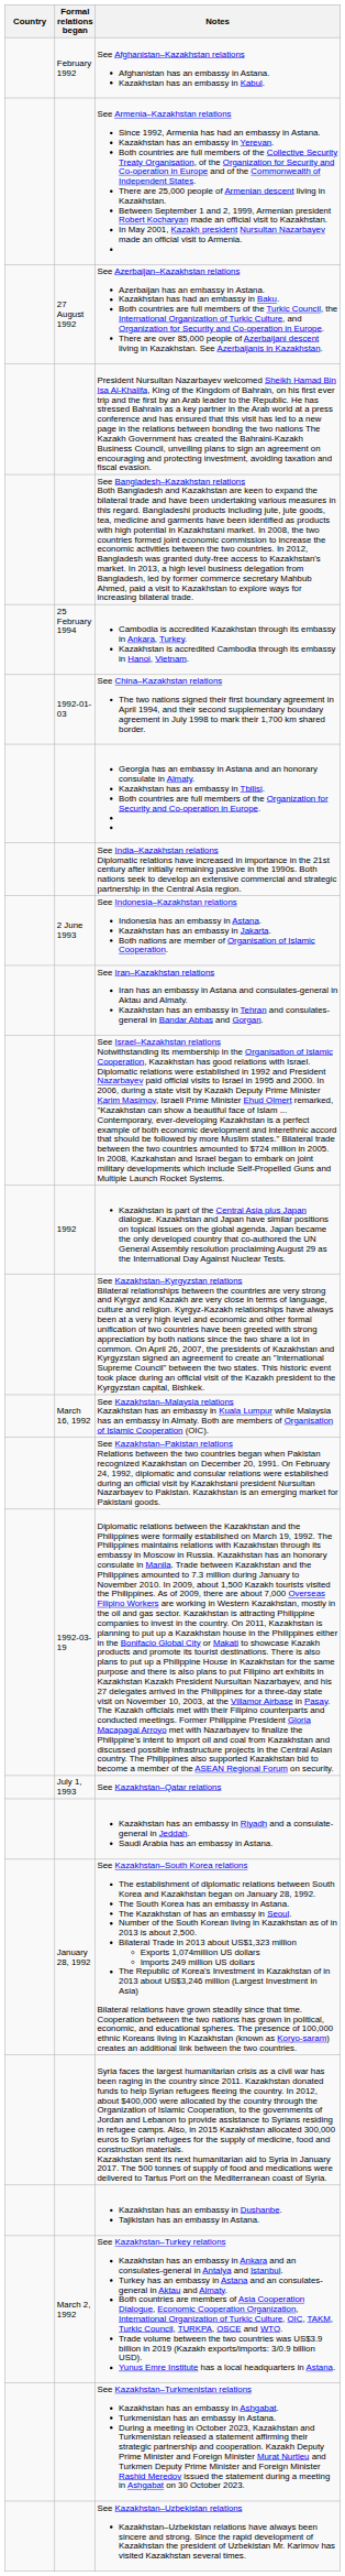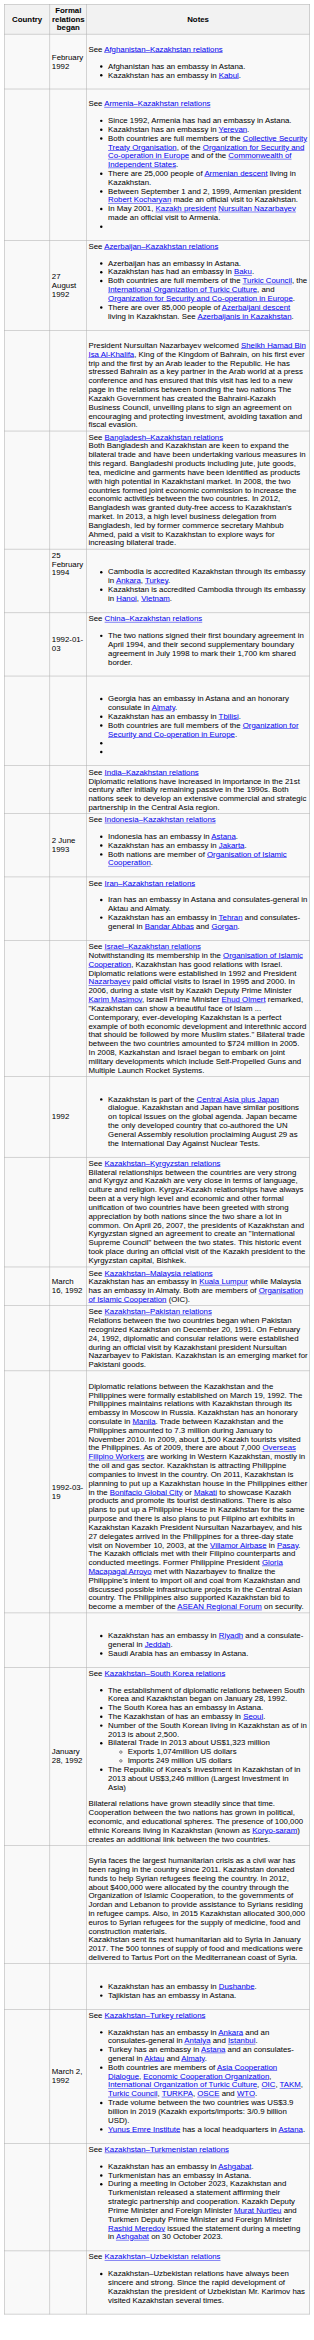 <table class="wikitable sortable" border="1" style="width:100%; margin:auto;">
 <tr>
 <th width="15%">Country</th>
 <th width="12%">Formal relations began</th>
 <th>Notes</th>
 </tr>
 <tr -valign="top">
 <td></td>
 <td>February 1992</td>
 <td><br>See <a href='#'>Afghanistan–Kazakhstan relations</a><ul><li>Afghanistan has an embassy in Astana.</li><li>Kazakhstan has an embassy in <a href='#'>Kabul</a>.</li></ul></td>
 </tr>
 <tr -valign="top">
 <td></td>
 <td></td>
 <td><br>See <a href='#'>Armenia–Kazakhstan relations</a><ul><li>Since 1992, Armenia has had an embassy in Astana.</li><li>Kazakhstan has an embassy in <a href='#'>Yerevan</a>.</li><li>Both countries are full members of the <a href='#'>Collective Security Treaty Organisation</a>, of the <a href='#'>Organization for Security and Co-operation in Europe</a> and of the <a href='#'>Commonwealth of Independent States</a>.</li><li>There are 25,000 people of <a href='#'>Armenian descent</a> living in Kazakhstan.</li><li>Between September 1 and 2, 1999, Armenian president <a href='#'>Robert Kocharyan</a> made an official visit to Kazakhstan.</li><li>In May 2001, <a href='#'>Kazakh president</a> <a href='#'>Nursultan Nazarbayev</a> made an official visit to Armenia.</li><li></li></ul></td>
 </tr>
 <tr -valign="top">
 <td></td>
 <td>27 August 1992</td>
 <td>See <a href='#'>Azerbaijan–Kazakhstan relations</a><br><ul><li>Azerbaijan has an embassy in Astana.</li><li>Kazakhstan has had an embassy in <a href='#'>Baku</a>.</li><li>Both countries are full members of the <a href='#'>Turkic Council</a>, the <a href='#'>International Organization of Turkic Culture</a>, and <a href='#'>Organization for Security and Co-operation in Europe</a>.</li><li>There are over 85,000 people of <a href='#'>Azerbaijani descent</a> living in Kazakhstan. See <a href='#'>Azerbaijanis in Kazakhstan</a>.</li></ul></td>
 </tr>
 <tr -valign="top">
 <td></td>
 <td></td>
 <td><br>President Nursultan Nazarbayev welcomed <a href='#'>Sheikh Hamad Bin Isa Al-Khalifa</a>, King of the Kingdom of Bahrain, on his first ever trip and the first by an Arab leader to the Republic. He has stressed Bahrain as a key partner in the Arab world at a press conference and has ensured that this visit has led to a new page in the relations between bonding the two nations The Kazakh Government has created the Bahraini-Kazakh Business Council, unveiling plans to sign an agreement on encouraging and protecting investment, avoiding taxation and fiscal evasion.</td>
 </tr>
 <tr -valign="top">
 <td></td>
 <td></td>
 <td>See <a href='#'>Bangladesh–Kazakhstan relations</a><br>Both Bangladesh and Kazakhstan are keen to expand the bilateral trade and have been undertaking various measures in this regard. Bangladeshi products including jute, jute goods, tea, medicine and garments have been identified as products with high potential in Kazakhstani market. In 2008, the two countries formed joint economic commission to increase the economic activities between the two countries. In 2012, Bangladesh was granted duty-free access to Kazakhstan's market. In 2013, a high level business delegation from Bangladesh, led by former commerce secretary Mahbub Ahmed, paid a visit to Kazakhstan to explore ways for increasing bilateral trade.</td>
 </tr>
 <tr valign="top">
 <td></td>
 <td>25 February 1994</td>
 <td><br><ul><li>Cambodia is accredited Kazakhstan through its embassy in <a href='#'>Ankara</a>, <a href='#'>Turkey</a>.</li><li>Kazakhstan is accredited Cambodia through its embassy in <a href='#'>Hanoi</a>, <a href='#'>Vietnam</a>.</li></ul></td>
 </tr>
 <tr -valign="top">
 <td></td>
 <td> 1992-01-03</td>
 <td>See <a href='#'>China–Kazakhstan relations</a><br><ul><li>The two nations signed their first boundary agreement in April 1994, and their second supplementary boundary agreement in July 1998 to mark their 1,700 km shared border.</li></ul></td>
 </tr>
 <tr -valign="top">
 <td></td>
 <td></td>
 <td><br><ul><li>Georgia has an embassy in Astana and an honorary consulate in <a href='#'>Almaty</a>.</li><li>Kazakhstan has an embassy in <a href='#'>Tbilisi</a>.</li><li>Both countries are full members of the <a href='#'>Organization for Security and Co-operation in Europe</a>.</li><li></li><li></li></ul></td>
 </tr>
 <tr -valign="top">
 <td></td>
 <td></td>
 <td>See <a href='#'>India–Kazakhstan relations</a><br>Diplomatic relations have increased in importance in the 21st century after initially remaining passive in the 1990s. Both nations seek to develop an extensive commercial and strategic partnership in the Central Asia region.</td>
 </tr>
 <tr -valign="top">
 <td></td>
 <td>2 June 1993</td>
 <td>See <a href='#'>Indonesia–Kazakhstan relations</a><br><ul><li>Indonesia has an embassy in <a href='#'>Astana</a>.</li><li>Kazakhstan has an embassy in <a href='#'>Jakarta</a>.</li><li>Both nations are member of <a href='#'>Organisation of Islamic Cooperation</a>.</li></ul></td>
 </tr>
 <tr -valign="top">
 <td></td>
 <td></td>
 <td>See <a href='#'>Iran–Kazakhstan relations</a><br><ul><li>Iran has an embassy in Astana and consulates-general in Aktau and Almaty.</li><li>Kazakhstan has an embassy in <a href='#'>Tehran</a> and consulates-general in <a href='#'>Bandar Abbas</a> and <a href='#'>Gorgan</a>.</li></ul></td>
 </tr>
 <tr -valign="top">
 <td></td>
 <td></td>
 <td>See <a href='#'>Israel–Kazakhstan relations</a><br>Notwithstanding its membership in the <a href='#'>Organisation of Islamic Cooperation</a>, Kazakhstan has good relations with Israel. Diplomatic relations were established in 1992 and President <a href='#'>Nazarbayev</a> paid official visits to Israel in 1995 and 2000. In 2006, during a state visit by Kazakh Deputy Prime Minister <a href='#'>Karim Masimov</a>, Israeli Prime Minister <a href='#'>Ehud Olmert</a> remarked, "Kazakhstan can show a beautiful face of Islam ... Contemporary, ever-developing Kazakhstan is a perfect example of both economic development and interethnic accord that should be followed by more Muslim states." Bilateral trade between the two countries amounted to $724 million in 2005. In 2008, Kazkahstan and Israel began to embark on joint military developments which include Self-Propelled Guns and Multiple Launch Rocket Systems.</td>
 </tr>
 <tr -valign="top">
 <td></td>
 <td> 1992</td>
 <td><br><ul><li>Kazakhstan is part of the <a href='#'>Central Asia plus Japan</a> dialogue. Kazakhstan and Japan have similar positions on topical issues on the global agenda. Japan became the only developed country that co-authored the UN General Assembly resolution proclaiming August 29 as the International Day Against Nuclear Tests.</li></ul></td>
 </tr>
 <tr -valign="top">
 <td></td>
 <td></td>
 <td>See <a href='#'>Kazakhstan–Kyrgyzstan relations</a><br>Bilateral relationships between the countries are very strong and Kyrgyz and Kazakh are very close in terms of language, culture and religion. Kyrgyz-Kazakh relationships have always been at a very high level and economic and other formal unification of two countries have been greeted with strong appreciation by both nations since the two share a lot in common.  On April 26, 2007, the presidents of Kazakhstan and Kyrgyzstan signed an agreement to create an "International Supreme Council" between the two states. This historic event took place during an official visit of the Kazakh president to the Kyrgyzstan capital, Bishkek.</td>
 </tr>
 <tr -valign="top">
 <td></td>
 <td>March 16, 1992</td>
 <td>See <a href='#'>Kazakhstan–Malaysia relations</a><br>Kazakhstan has an embassy in <a href='#'>Kuala Lumpur</a> while Malaysia has an embassy in Almaty. Both are members of <a href='#'>Organisation of Islamic Cooperation</a> (OIC).</td>
 </tr>
 <tr -valign="top">
 <td></td>
 <td></td>
 <td>See <a href='#'>Kazakhstan–Pakistan relations</a><br>Relations between the two countries began when Pakistan recognized Kazakhstan on December 20, 1991. On February 24, 1992, diplomatic and consular relations were established during an official visit by Kazakhstani president Nursultan Nazarbayev to Pakistan. Kazakhstan is an emerging market for Pakistani goods.</td>
 </tr>
 <tr -valign="top">
 <td></td>
 <td> 1992-03-19</td>
 <td><br>Diplomatic relations between the Kazakhstan and the Philippines were formally established on March 19, 1992. The Philippines maintains relations with Kazakhstan through its embassy in Moscow in Russia. Kazakhstan has an honorary consulate in <a href='#'>Manila</a>. Trade between Kazakhstan and the Philippines amounted to 7.3 million during January to November 2010. In 2009, about 1,500 Kazakh tourists visited the Philippines. As of 2009, there are about 7,000 <a href='#'>Overseas Filipino Workers</a> are working in Western Kazakhstan, mostly in the oil and gas sector. Kazakhstan is attracting Philippine companies to invest in the country. On 2011, Kazakhstan is planning to put up a Kazakhstan house in the Philippines either in the <a href='#'>Bonifacio Global City</a> or <a href='#'>Makati</a> to showcase Kazakh products and promote its tourist destinations. There is also plans to put up a Philippine House in Kazakhstan for the same purpose and there is also plans to put Filipino art exhibits in Kazakhstan Kazakh President Nursultan Nazarbayev, and his 27 delegates arrived in the Philippines for a three-day state visit on November 10, 2003, at the <a href='#'>Villamor Airbase</a> in <a href='#'>Pasay</a>. The Kazakh officials met with their Filipino counterparts and conducted meetings. Former Philippine President <a href='#'>Gloria Macapagal Arroyo</a> met with Nazarbayev to finalize the Philippine's intent to import oil and coal from Kazakhstan and discussed possible infrastructure projects in the Central Asian country. The Philippines also supported Kazakhstan bid to become a member of the <a href='#'>ASEAN Regional Forum</a> on security.</td>
 </tr>
 <tr -valign="top">
 <td></td>
-<td>July 1, 1993</td>
-<td>See <a href='#'>Kazakhstan–Qatar relations</a></td>
-</tr>
-<tr -valign="top">
-<td></td>
 <td></td>
 <td><br><ul><li>Kazakhstan has an embassy in <a href='#'>Riyadh</a> and a consulate-general in <a href='#'>Jeddah</a>.</li><li>Saudi Arabia has an embassy in Astana.</li></ul></td>
 </tr>
 <tr -valign="top">
 <td></td>
 <td>January 28, 1992</td>
 <td>See <a href='#'>Kazakhstan–South Korea relations</a><br><ul><li>The establishment of diplomatic relations between South Korea and Kazakhstan began on January 28, 1992.</li><li>The South Korea has an embassy in Astana.</li><li>The Kazakhstan of has an embassy in <a href='#'>Seoul</a>.</li><li>Number of the South Korean living in Kazakhstan as of in 2013 is about 2,500.</li><li>Bilateral Trade in 2013 about US$1,323 million<ul><li>Exports 1,074million US dollars</li><li>Imports 249 million US dollars</li></ul></li><li>The Republic of Korea's Investment in Kazakhstan of in 2013 about US$3,246 million (Largest Investment in Asia)</li></ul>Bilateral relations have grown steadily since that time. Cooperation between the two nations has grown in political, economic, and educational spheres. The presence of 100,000 ethnic Koreans living in Kazakhstan (known as <a href='#'>Koryo-saram</a>) creates an additional link between the two countries.</td>
 </tr>
 <tr -valign="top">
 <td></td>
 <td></td>
 <td><br>Syria faces the largest humanitarian crisis as a civil war has been raging in the country since 2011. Kazakhstan donated funds to help Syrian refugees fleeing the country. In 2012, about $400,000 were allocated by the country through the Organization of Islamic Cooperation, to the governments of Jordan and Lebanon to provide assistance to Syrians residing in refugee camps. Also, in 2015 Kazakhstan allocated 300,000 euros to Syrian refugees for the supply of medicine, food and construction materials.<br>Kazakhstan sent its next humanitarian aid to Syria in January 2017. The 500 tonnes of supply of food and medications were delivered to Tartus Port on the Mediterranean coast of Syria.</td>
 </tr>
 <tr -valign="top">
 <td></td>
 <td></td>
 <td><br><ul><li>Kazakhstan has an embassy in <a href='#'>Dushanbe</a>.</li><li>Tajikistan has an embassy in Astana.</li></ul></td>
 </tr>
 <tr -valign="top">
 <td></td>
 <td>March 2, 1992</td>
 <td>See <a href='#'>Kazakhstan–Turkey relations</a><br><ul><li>Kazakhstan has an embassy in <a href='#'>Ankara</a> and an consulates-general in <a href='#'>Antalya</a> and <a href='#'>Istanbul</a>.</li><li>Turkey has an embassy in <a href='#'>Astana</a> and an consulates-general in <a href='#'>Aktau</a> and <a href='#'>Almaty</a>.</li><li>Both countries are members of <a href='#'>Asia Cooperation Dialogue</a>, <a href='#'>Economic Cooperation Organization</a>, <a href='#'>International Organization of Turkic Culture</a>, <a href='#'>OIC</a>, <a href='#'>TAKM</a>, <a href='#'>Turkic Council</a>, <a href='#'>TURKPA</a>, <a href='#'>OSCE</a> and <a href='#'>WTO</a>.</li><li>Trade volume between the two countries was US$3.9 billion in 2019 (Kazakh exports/imports: 3/0.9 billion USD).</li><li><a href='#'>Yunus Emre Institute</a> has a local headquarters in <a href='#'>Astana</a>.</li></ul></td>
 </tr>
 <tr -valign="top">
 <td></td>
 <td></td>
 <td>See <a href='#'>Kazakhstan–Turkmenistan relations</a><br><ul><li>Kazakhstan has an embassy in <a href='#'>Ashgabat</a>.</li><li>Turkmenistan has an embassy in Astana.</li><li>During a meeting in October 2023, Kazakhstan and Turkmenistan released a statement affirming their strategic partnership and cooperation. Kazakh Deputy Prime Minister and Foreign Minister <a href='#'>Murat Nurtleu</a> and Turkmen Deputy Prime Minister and Foreign Minister <a href='#'>Rashid Meredov</a> issued the statement during a meeting in <a href='#'>Ashgabat</a> on 30 October 2023.</li></ul></td>
 </tr>
 <tr -valign="top">
 <td></td>
 <td></td>
 <td>See <a href='#'>Kazakhstan–Uzbekistan relations</a><br><ul><li>Kazakhstan–Uzbekistan relations have always been sincere and strong. Since the rapid development of Kazakhstan the president of Uzbekistan Mr. Karimov has visited Kazakhstan several times.</li></ul></td>
 </tr>
 </table>
